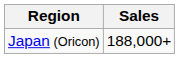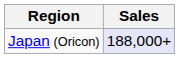 <table class="wikitable" style="text-align:center;">
 <tr>
 <th>Region</th>
 <th>Sales</th>
 </tr>
 <tr>
 <td align="left"><a href='#'>Japan</a><small> (Oricon)</small></td>
-<td>188,000+</td>
+<td style="background: lavender;">188,000+</td>
 </tr>
 </table>
